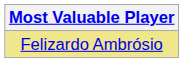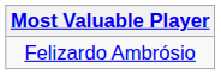 <table class=wikitable style="text-align:center; margin:auto">
 <tr>
 <th><a href='#'>Most Valuable Player</a></th>
 </tr>
 <tr>
-<td style="background: khaki;"> <a href='#'>Felizardo Ambrósio</a></td>
+<td> <a href='#'>Felizardo Ambrósio</a></td>
 </tr>
 </table>
